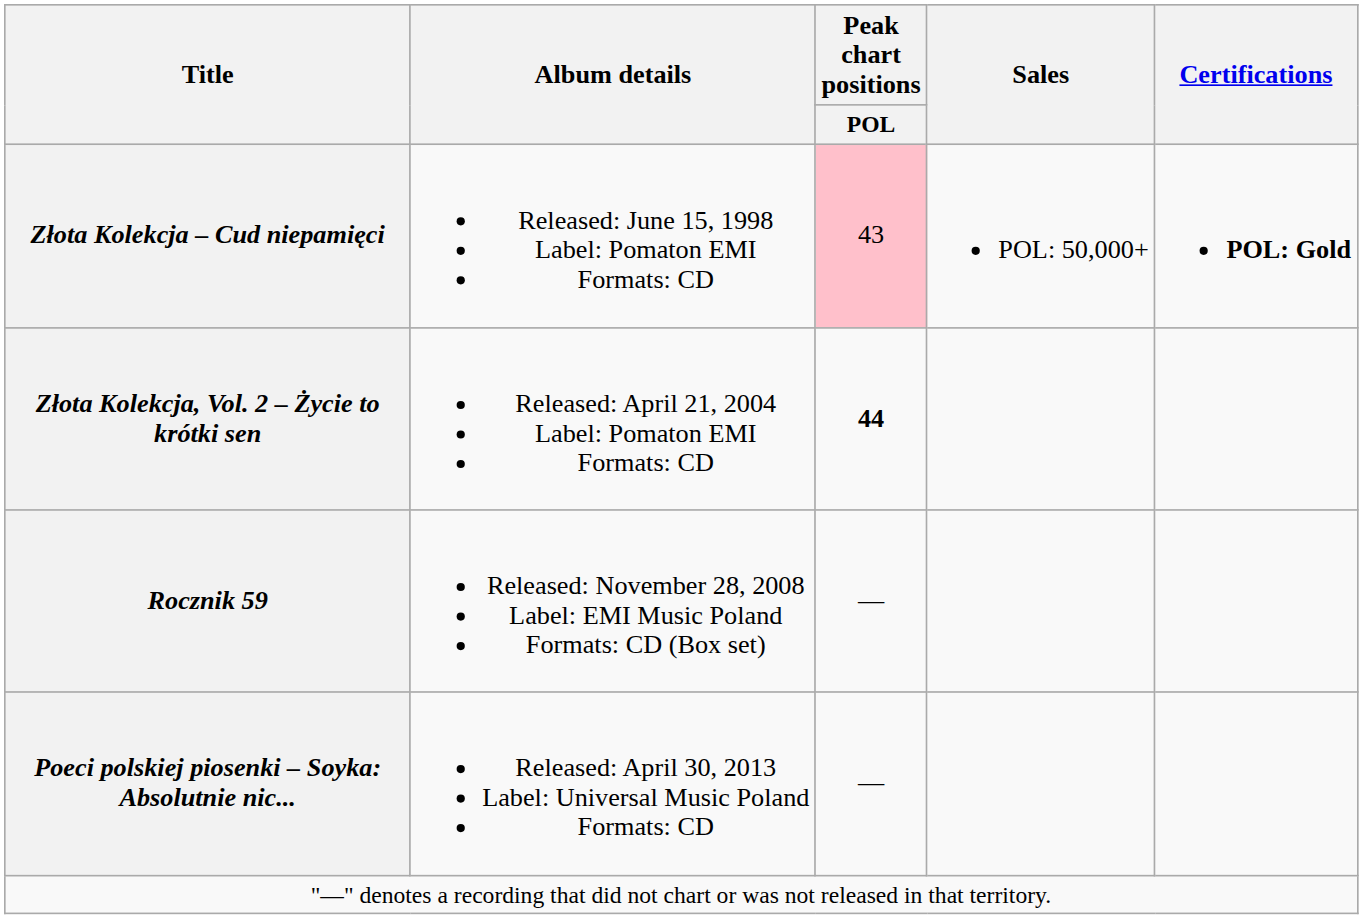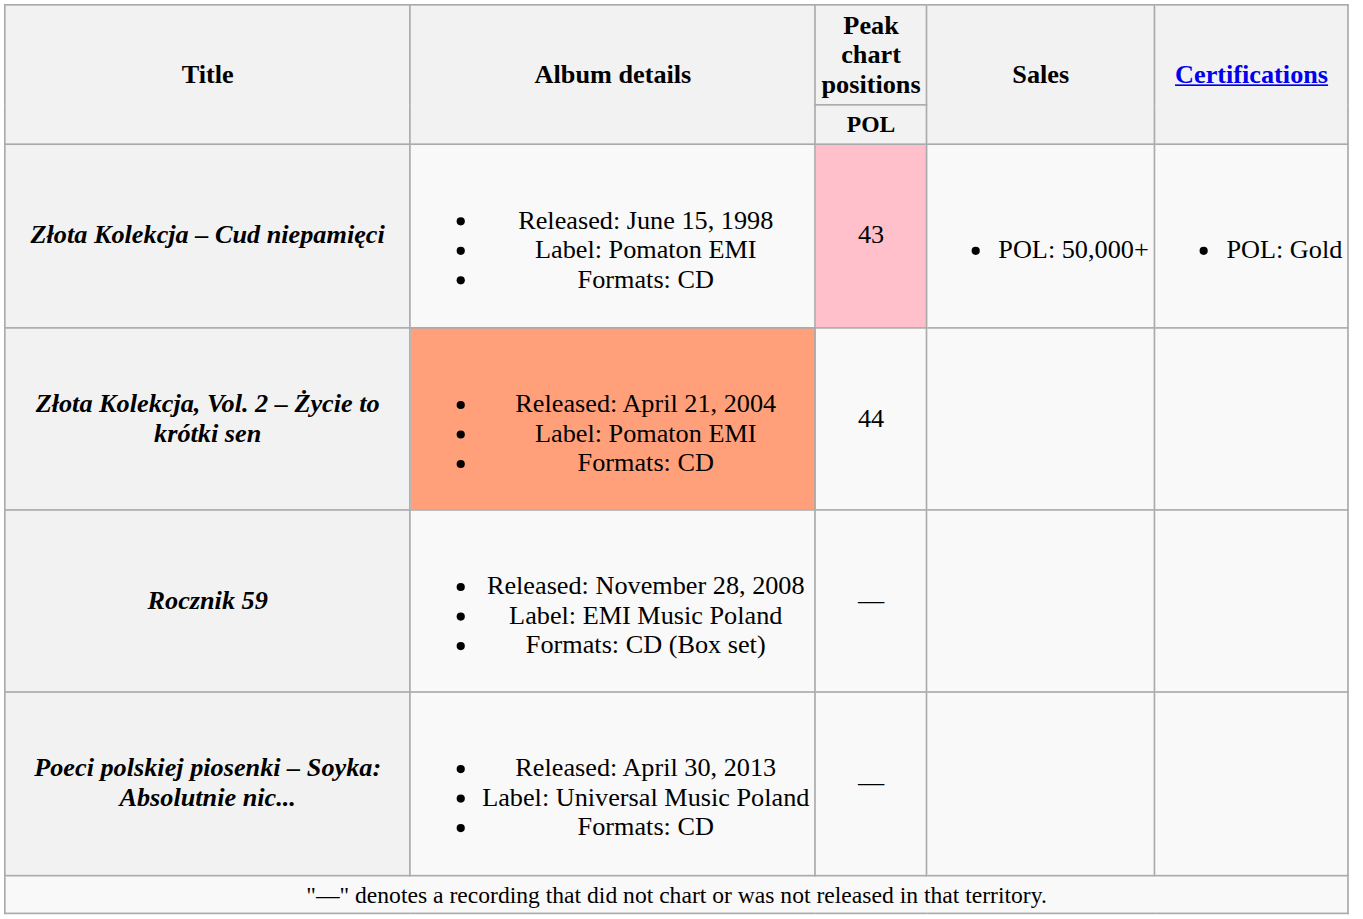 <table class="wikitable plainrowheaders" style="text-align:center;">
 <tr>
 <th scope="col" rowspan="2" style="width:15em;">Title</th>
 <th scope="col" rowspan="2">Album details</th>
 <th scope="col">Peak chart positions</th>
 <th scope="col" rowspan="2">Sales</th>
 <th scope="col" rowspan="2"><a href='#'>Certifications</a></th>
 </tr>
 <tr>
 <th scope="col" style="width:3em;font-size:90%;">POL<br></th>
 </tr>
 <tr>
 <th scope="row"><em>Złota Kolekcja – Cud niepamięci</em></th>
 <td><br><ul><li>Released: June 15, 1998</li><li>Label: Pomaton EMI</li><li>Formats: CD</li></ul></td>
 <td style="background: pink;">43</td>
 <td><br><ul><li>POL: 50,000+</li></ul></td>
-<td><strong><br><ul><li>POL: Gold</li></ul></strong></td>
+<td><br><ul><li>POL: Gold</li></ul></td>
 </tr>
 <tr>
 <th scope="row"><em>Złota Kolekcja, Vol. 2 – Życie to krótki sen</em></th>
-<td><br><ul><li>Released: April 21, 2004</li><li>Label: Pomaton EMI</li><li>Formats: CD</li></ul></td>
-<td><strong>44</strong></td>
+<td style="background: lightsalmon;"><br><ul><li>Released: April 21, 2004</li><li>Label: Pomaton EMI</li><li>Formats: CD</li></ul></td>
+<td>44</td>
 <td></td>
 <td></td>
 </tr>
 <tr>
 <th scope="row"><em>Rocznik 59</em></th>
 <td><br><ul><li>Released: November 28, 2008</li><li>Label: EMI Music Poland</li><li>Formats: CD (Box set)</li></ul></td>
 <td>—</td>
 <td></td>
 <td></td>
 </tr>
 <tr>
 <th scope="row"><em>Poeci polskiej piosenki – Soyka: Absolutnie nic...</em></th>
 <td><br><ul><li>Released: April 30, 2013</li><li>Label: Universal Music Poland</li><li>Formats: CD</li></ul></td>
 <td>—</td>
 <td></td>
 <td></td>
 </tr>
 <tr>
 <td colspan="20" style="font-size:90%">"—" denotes a recording that did not chart or was not released in that territory.</td>
 </tr>
 </table>
